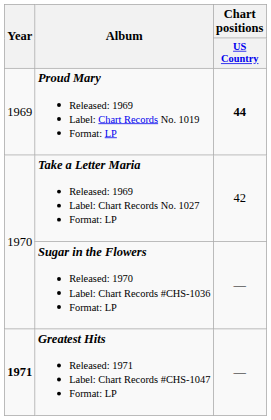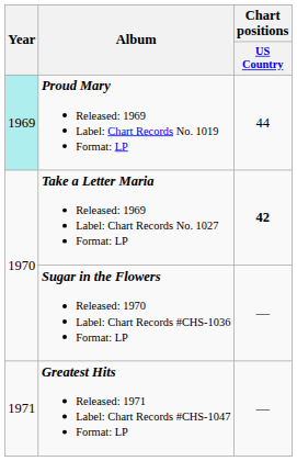 <table class="wikitable" style="text-align:left;">
 <tr>
 <th rowspan="2">Year</th>
 <th rowspan="2">Album</th>
 <th colspan="1">Chart positions</th>
 </tr>
 <tr style="font-size:smaller;">
 <th width="50"><a href='#'>US Country</a></th>
 </tr>
 <tr>
-<td>1969</td>
+<td style="background: paleturquoise;">1969</td>
 <td><strong><em>Proud Mary</em></strong><br><ul><li><small>Released: 1969</small></li><li><small>Label: <a href='#'>Chart Records</a> No. 1019</small></li><li><small>Format: <a href='#'>LP</a></small></li></ul></td>
-<td align="center"><strong>44</strong></td>
+<td align="center">44</td>
 </tr>
 <tr>
 <td rowspan=2>1970</td>
 <td><strong><em>Take a Letter Maria</em></strong><br><ul><li><small>Released: 1969</small></li><li><small>Label: Chart Records No. 1027</small></li><li><small>Format: LP</small></li></ul></td>
-<td align="center">42</td>
+<td align="center"><strong>42</strong></td>
 </tr>
 <tr>
 <td><strong><em>Sugar in the Flowers</em></strong><br><ul><li><small>Released: 1970</small></li><li><small>Label: Chart Records #CHS-1036</small></li><li><small>Format: LP</small></li></ul></td>
 <td align="center">—</td>
 </tr>
 <tr>
-<td><strong>1971</strong></td>
+<td>1971</td>
 <td><strong><em>Greatest Hits</em></strong><br><ul><li><small>Released: 1971</small></li><li><small>Label: Chart Records #CHS-1047</small></li><li><small>Format: LP</small></li></ul></td>
 <td align="center">—</td>
 </tr>
 </table>
